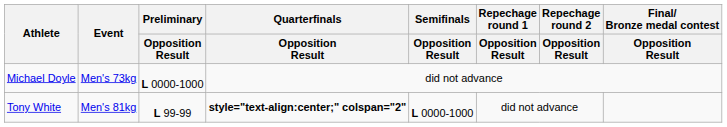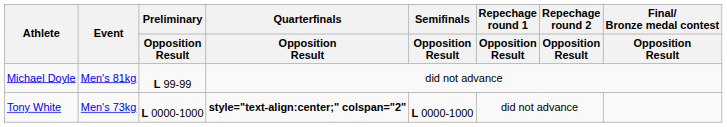 <table class=wikitable style="font-size:90%">
 <tr>
 <th rowspan="2">Athlete</th>
 <th rowspan="2">Event</th>
 <th>Preliminary</th>
 <th>Quarterfinals</th>
 <th>Semifinals</th>
 <th>Repechage <br>round 1</th>
 <th>Repechage <br>round 2</th>
 <th>Final/<br>Bronze medal contest</th>
 </tr>
 <tr>
 <th>Opposition<br>Result</th>
 <th>Opposition<br>Result</th>
 <th>Opposition<br>Result</th>
 <th>Opposition<br>Result</th>
 <th>Opposition<br>Result</th>
 <th>Opposition<br>Result</th>
 </tr>
 <tr>
 <td><a href='#'>Michael Doyle</a></td>
-<td style="text-align:center;"><a href='#'>Men's 73kg</a></td>
-<td style="text-align:center;"><br> <strong>L</strong> 0000-1000</td>
+<td style="text-align:center;"><a href='#'>Men's 81kg</a></td>
+<td style="text-align:center;"><br> <strong>L</strong> 99-99</td>
 <td style="text-align:center;" colspan="5">did not advance</td>
 </tr>
 <tr>
 <td><a href='#'>Tony White</a></td>
-<td style="text-align:center;"><a href='#'>Men's 81kg</a></td>
-<td style="text-align:center;"><br> <strong>L</strong> 99-99</td>
+<td style="text-align:center;"><a href='#'>Men's 73kg</a></td>
+<td style="text-align:center;"><br> <strong>L</strong> 0000-1000</td>
 <td><strong>style="text-align:center;" colspan="2" </strong></td>
 <td style="text-align:center;"><br> <strong>L</strong> 0000-1000</td>
 <td style="text-align:center;" colspan="2">did not advance</td>
 </tr>
 </table>
